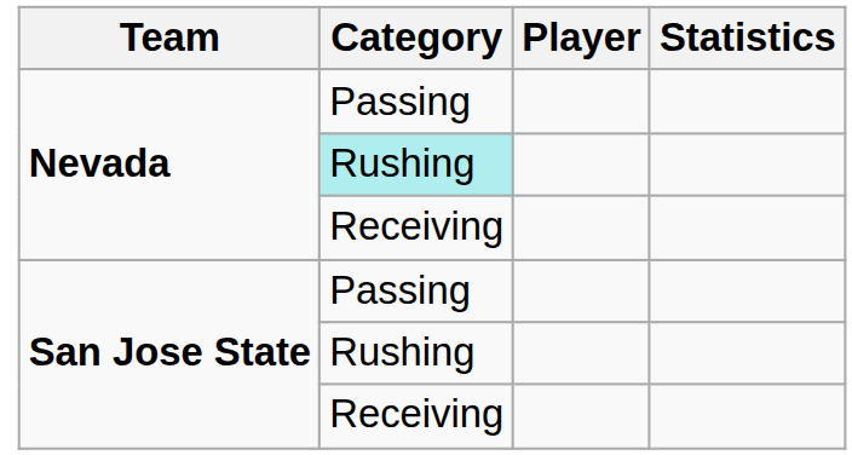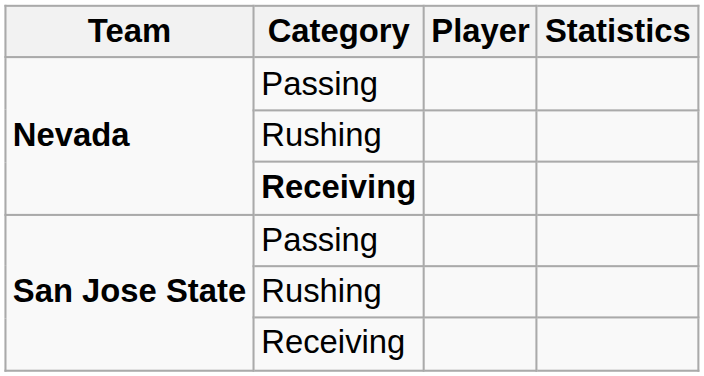 <table class="wikitable" style="float: right;">
 <tr>
 <th>Team</th>
 <th>Category</th>
 <th>Player</th>
 <th>Statistics</th>
 </tr>
 <tr>
 <td rowspan=3><strong>Nevada</strong></td>
 <td>Passing</td>
 <td></td>
 <td></td>
 </tr>
 <tr>
-<td style="background: paleturquoise;">Rushing</td>
+<td>Rushing</td>
 <td></td>
 <td></td>
 </tr>
 <tr>
-<td>Receiving</td>
+<td><strong>Receiving</strong></td>
 <td></td>
 <td></td>
 </tr>
 <tr>
 <td rowspan=3><strong>San Jose State</strong></td>
 <td>Passing</td>
 <td></td>
 <td></td>
 </tr>
 <tr>
 <td>Rushing</td>
 <td></td>
 <td></td>
 </tr>
 <tr>
 <td>Receiving</td>
 <td></td>
 <td></td>
 </tr>
 </table>
